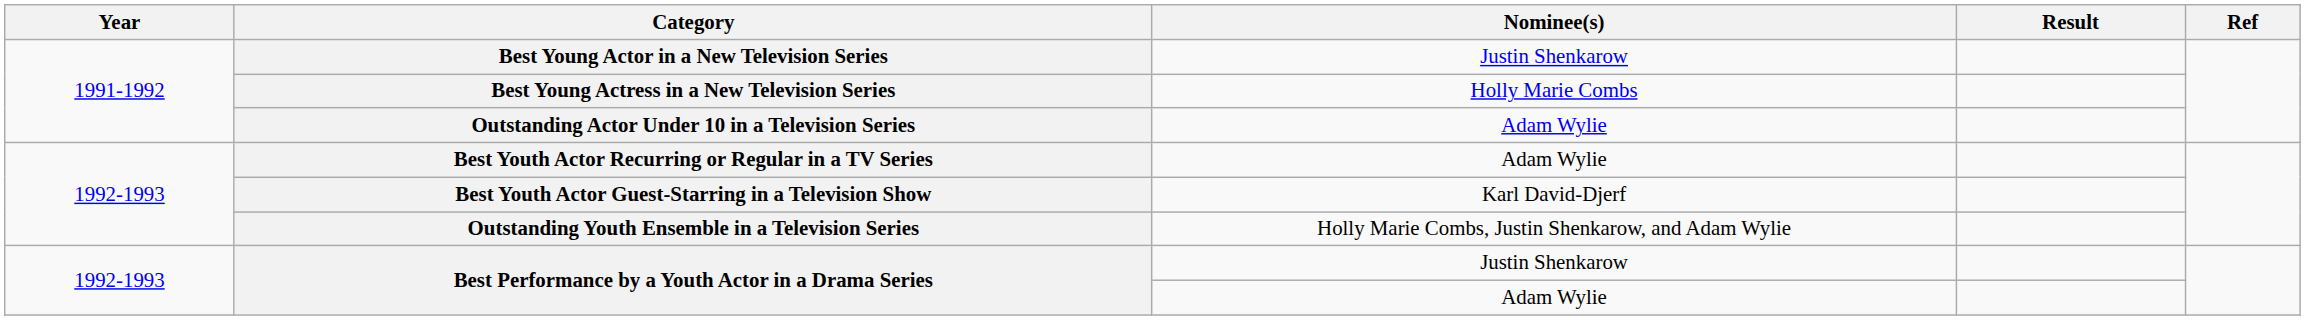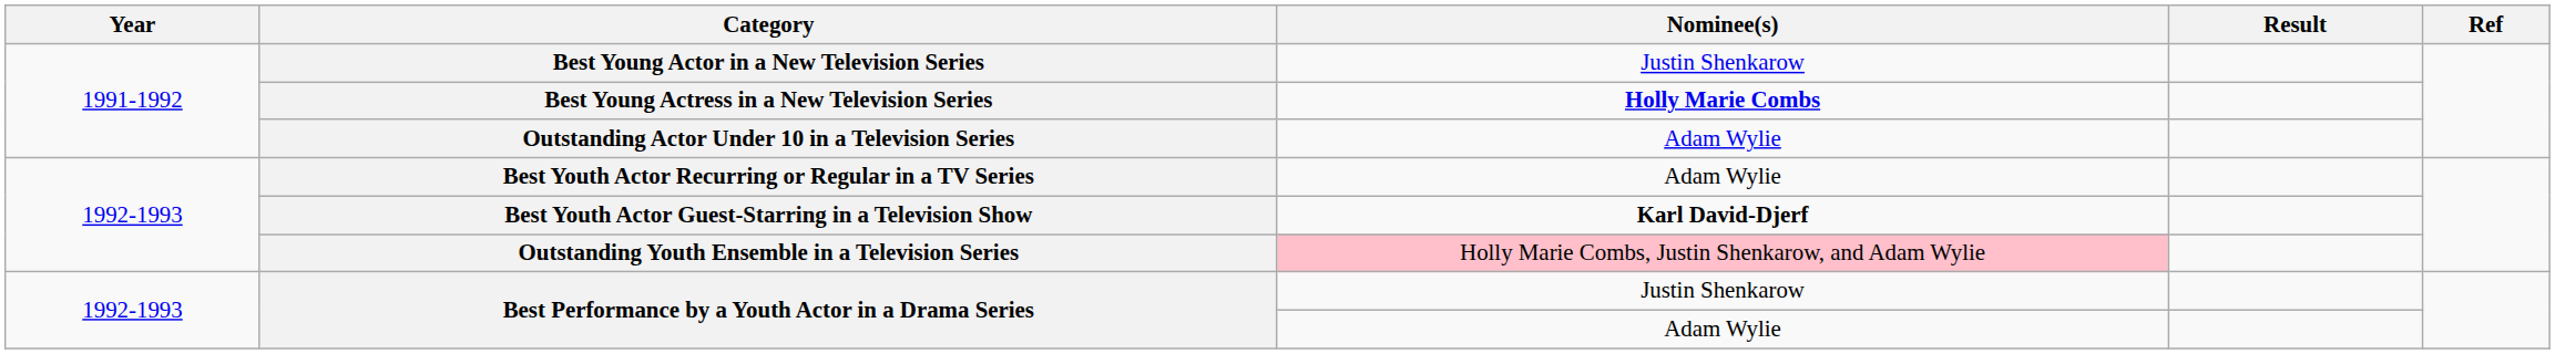 <table class="wikitable plainrowheaders" style="font-size: 90%; text-align:center" width=100%>
 <tr>
 <th scope="col" width="10%">Year</th>
 <th scope="col" width="40%">Category</th>
 <th scope="col" width="35%">Nominee(s)</th>
 <th scope="col" width="10%">Result</th>
 <th scope="col" width="5%">Ref</th>
 </tr>
 <tr>
 <td rowspan="3"><a href='#'>1991-1992</a></td>
 <th scope="row" style="text-align:center">Best Young Actor in a New Television Series</th>
 <td><a href='#'>Justin Shenkarow</a></td>
 <td></td>
 <td rowspan="3"></td>
 </tr>
 <tr>
 <th scope="row" style="text-align:center">Best Young Actress in a New Television Series</th>
-<td><a href='#'>Holly Marie Combs</a></td>
+<td><strong><a href='#'>Holly Marie Combs</a></strong></td>
 <td></td>
 </tr>
 <tr>
 <th scope="row" style="text-align:center">Outstanding Actor Under 10 in a Television Series</th>
 <td><a href='#'>Adam Wylie</a></td>
 <td></td>
 </tr>
 <tr>
 <td rowspan="3"><a href='#'>1992-1993</a></td>
 <th scope="row" style="text-align:center">Best Youth Actor Recurring or Regular in a TV Series</th>
 <td>Adam Wylie</td>
 <td></td>
 <td rowspan="3"></td>
 </tr>
 <tr>
 <th scope="row" style="text-align:center">Best Youth Actor Guest-Starring in a Television Show</th>
-<td>Karl David-Djerf</td>
+<td><strong>Karl David-Djerf</strong></td>
 <td></td>
 </tr>
 <tr>
 <th scope="row" style="text-align:center">Outstanding Youth Ensemble in a Television Series</th>
-<td>Holly Marie Combs, Justin Shenkarow, and Adam Wylie</td>
+<td style="background: pink;">Holly Marie Combs, Justin Shenkarow, and Adam Wylie</td>
 <td></td>
 </tr>
 <tr>
 <td rowspan="2"><a href='#'>1992-1993</a></td>
 <th scope="row" style="text-align:center" rowspan="2">Best Performance by a Youth Actor in a Drama Series</th>
 <td>Justin Shenkarow</td>
 <td></td>
 <td rowspan="2"></td>
 </tr>
 <tr>
 <td>Adam Wylie</td>
 <td></td>
 </tr>
 </table>
